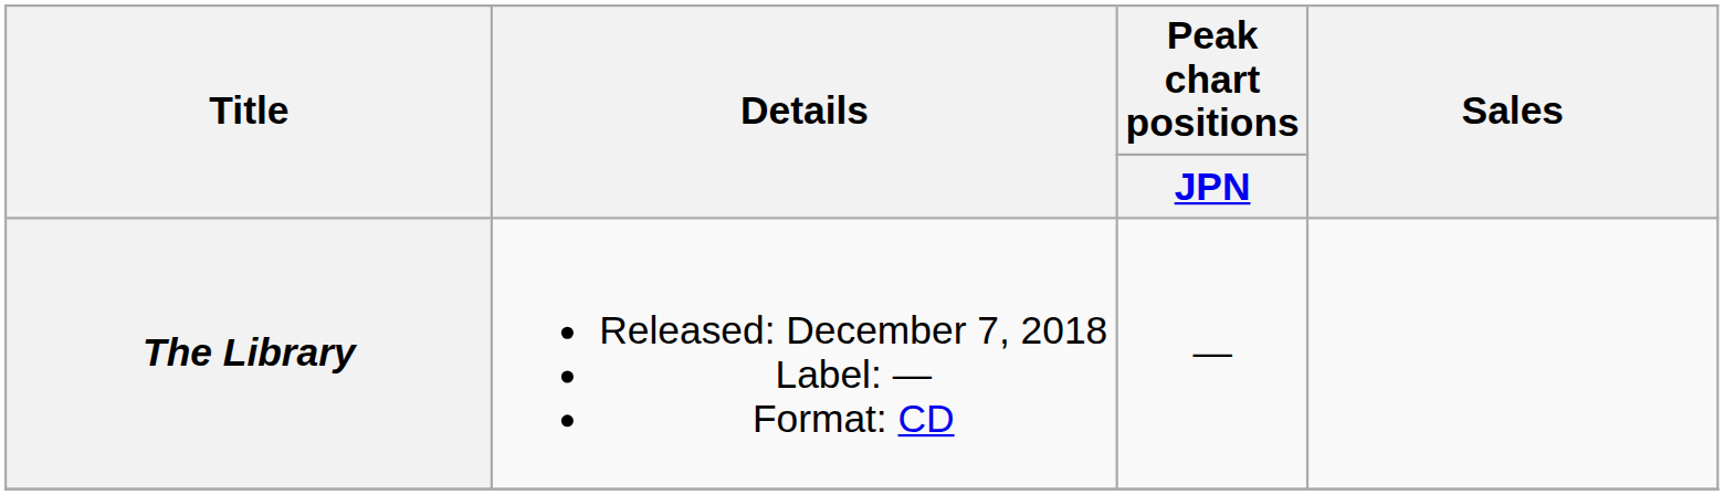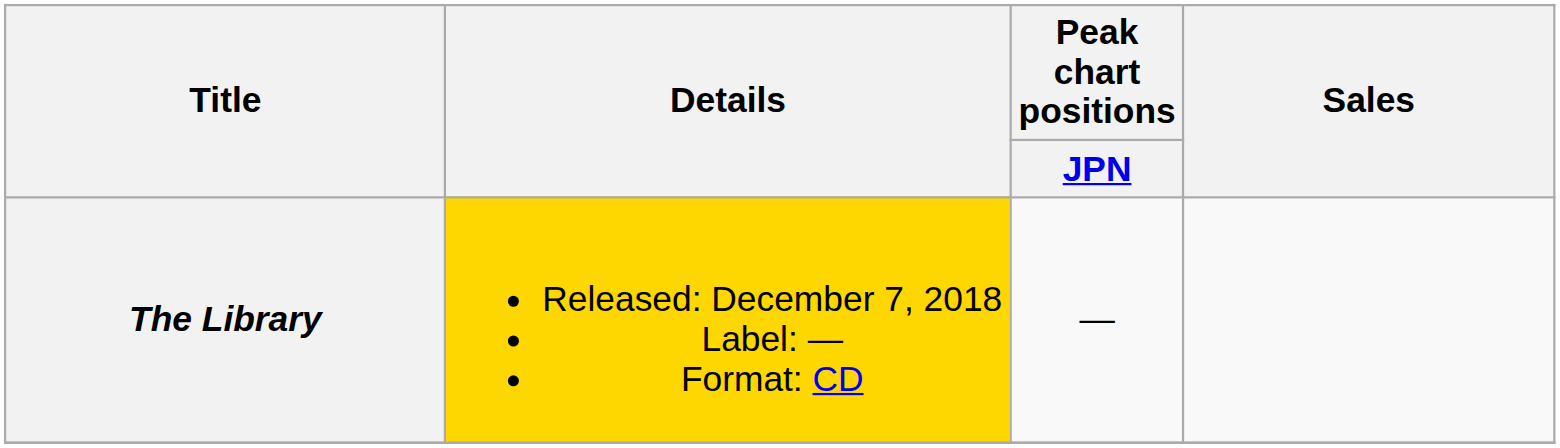 <table class="wikitable plainrowheaders" style="text-align:center;">
 <tr>
 <th rowspan="2" style="width:12em;">Title</th>
 <th rowspan="2">Details</th>
 <th colspan="1">Peak chart positions</th>
 <th rowspan="2" style="width:10em;">Sales</th>
 </tr>
 <tr>
 <th width="30"><a href='#'>JPN</a></th>
 </tr>
 <tr>
 <th scope="row"><em>The Library</em></th>
-<td><br><ul><li>Released: December 7, 2018</li><li>Label: —</li><li>Format: <a href='#'>CD</a></li></ul></td>
+<td style="background: gold;"><br><ul><li>Released: December 7, 2018</li><li>Label: —</li><li>Format: <a href='#'>CD</a></li></ul></td>
 <td>—</td>
 <td></td>
 </tr>
 <tr>
 </tr>
 </table>
